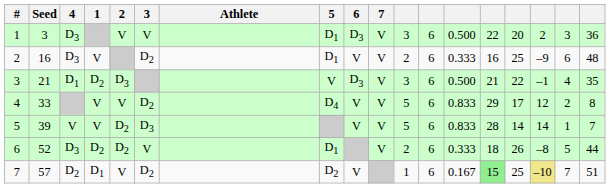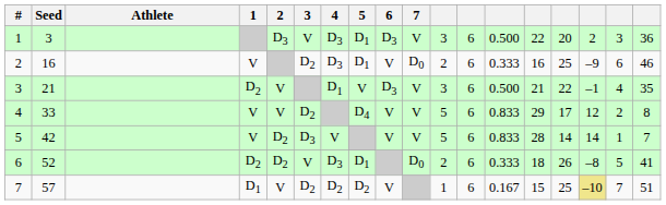 <table class="wikitable" style="text-align:center">
 <tr>
 <th width="25">#</th>
 <th width="25">Seed</th>
-<th width="25">4</th>
+<th width="200">Athlete</th>
 <th width="25">1</th>
 <th width="25">2</th>
 <th width="25">3</th>
-<th width="200">Athlete</th>
+<th width="25">4</th>
 <th width="25">5</th>
 <th width="25">6</th>
 <th width="25">7</th>
 <th width="25"></th>
 <th width="25"></th>
 <th width="40"></th>
 <th width="25"></th>
 <th width="25"></th>
 <th width="25"></th>
 <th width="25"></th>
 <th width="25"></th>
 </tr>
 <tr bgcolor="#ccffcc">
 <td>1</td>
 <td>3</td>
+<td align=left></td>
+<td bgcolor="#cccccc"></td>
 <td>D<sub>3</sub></td>
-<td bgcolor="#cccccc"></td>
 <td>V</td>
-<td>V</td>
-<td align=left></td>
+<td>D<sub>3</sub></td>
 <td>D<sub>1</sub></td>
 <td>D<sub>3</sub></td>
 <td>V</td>
 <td>3</td>
 <td>6</td>
 <td>0.500</td>
 <td>22</td>
 <td>20</td>
 <td>2</td>
 <td>3</td>
 <td>36</td>
 </tr>
 <tr>
 <td>2</td>
 <td>16</td>
-<td>D<sub>3</sub></td>
+<td align=left></td>
 <td>V</td>
 <td bgcolor="#cccccc"></td>
 <td>D<sub>2</sub></td>
-<td align=left></td>
+<td>D<sub>3</sub></td>
 <td>D<sub>1</sub></td>
 <td>V</td>
-<td>V</td>
+<td>D<sub>0</sub></td>
 <td>2</td>
 <td>6</td>
 <td>0.333</td>
 <td>16</td>
 <td>25</td>
 <td>–9</td>
 <td>6</td>
-<td>48</td>
+<td>46</td>
 </tr>
 <tr bgcolor="#ccffcc">
 <td>3</td>
 <td>21</td>
+<td align=left></td>
+<td>D<sub>2</sub></td>
+<td>V</td>
+<td bgcolor="#cccccc"></td>
 <td>D<sub>1</sub></td>
-<td>D<sub>2</sub></td>
-<td>D<sub>3</sub></td>
-<td bgcolor="#cccccc"></td>
-<td align=left></td>
 <td>V</td>
 <td>D<sub>3</sub></td>
 <td>V</td>
 <td>3</td>
 <td>6</td>
 <td>0.500</td>
 <td>21</td>
 <td>22</td>
 <td>–1</td>
 <td>4</td>
 <td>35</td>
 </tr>
 <tr bgcolor="#ccffcc">
 <td>4</td>
 <td>33</td>
-<td bgcolor="#cccccc"></td>
+<td align=left></td>
 <td>V</td>
 <td>V</td>
 <td>D<sub>2</sub></td>
-<td align=left></td>
+<td bgcolor="#cccccc"></td>
 <td>D<sub>4</sub></td>
 <td>V</td>
 <td>V</td>
 <td>5</td>
 <td>6</td>
 <td>0.833</td>
 <td>29</td>
 <td>17</td>
 <td>12</td>
 <td>2</td>
 <td>8</td>
 </tr>
 <tr bgcolor="#ccffcc">
 <td>5</td>
-<td>39</td>
-<td>V</td>
+<td>42</td>
+<td align=left></td>
 <td>V</td>
 <td>D<sub>2</sub></td>
 <td>D<sub>3</sub></td>
-<td align=left></td>
+<td>V</td>
 <td bgcolor="#cccccc"></td>
 <td>V</td>
 <td>V</td>
 <td>5</td>
 <td>6</td>
 <td>0.833</td>
 <td>28</td>
 <td>14</td>
 <td>14</td>
 <td>1</td>
 <td>7</td>
 </tr>
 <tr bgcolor="#ccffcc">
 <td>6</td>
 <td>52</td>
-<td>D<sub>3</sub></td>
+<td align=left></td>
 <td>D<sub>2</sub></td>
 <td>D<sub>2</sub></td>
 <td>V</td>
-<td align=left></td>
+<td>D<sub>3</sub></td>
 <td>D<sub>1</sub></td>
 <td bgcolor="#cccccc"></td>
-<td>V</td>
+<td>D<sub>0</sub></td>
 <td>2</td>
 <td>6</td>
 <td>0.333</td>
 <td>18</td>
 <td>26</td>
 <td>–8</td>
 <td>5</td>
-<td>44</td>
+<td>41</td>
 </tr>
 <tr>
 <td>7</td>
 <td>57</td>
-<td>D<sub>2</sub></td>
+<td align=left></td>
 <td>D<sub>1</sub></td>
 <td>V</td>
 <td>D<sub>2</sub></td>
-<td align=left></td>
+<td>D<sub>2</sub></td>
 <td>D<sub>2</sub></td>
 <td>V</td>
 <td bgcolor="#cccccc"></td>
 <td>1</td>
 <td>6</td>
 <td>0.167</td>
-<td style="background: lightgreen;">15</td>
+<td>15</td>
 <td>25</td>
 <td style="background: khaki;">–10</td>
 <td>7</td>
 <td>51</td>
 </tr>
 </table>
